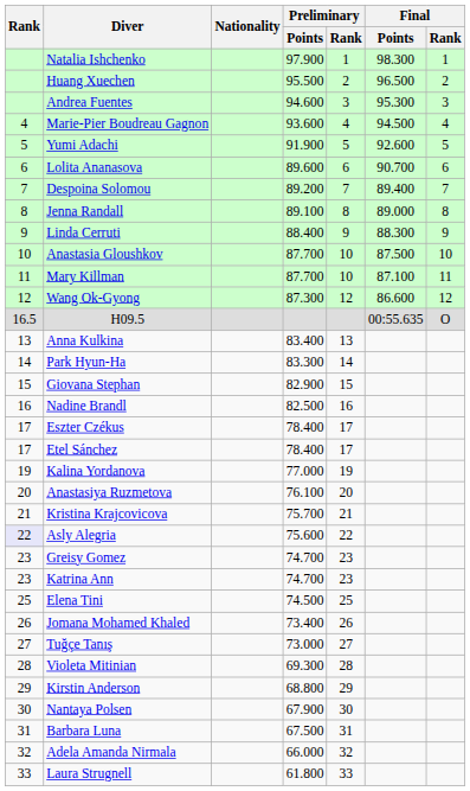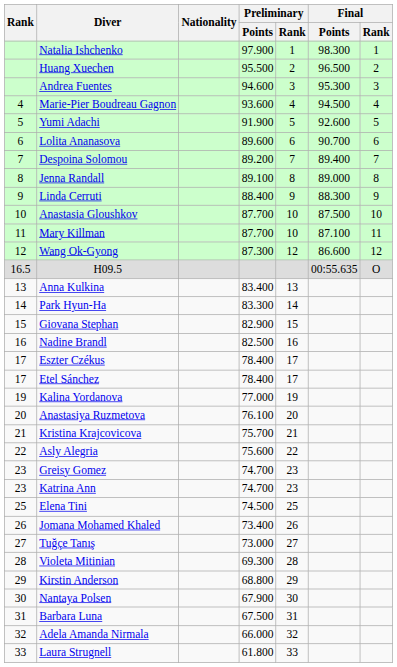 <table class="wikitable" style="text-align:center">
 <tr>
 <th rowspan="2">Rank</th>
 <th rowspan="2">Diver</th>
 <th rowspan="2">Nationality</th>
 <th colspan="2">Preliminary</th>
 <th colspan="2">Final</th>
 </tr>
 <tr>
 <th>Points</th>
 <th>Rank</th>
 <th>Points</th>
 <th>Rank</th>
 </tr>
 <tr bgcolor=ccffcc>
 <td></td>
 <td align=left><a href='#'>Natalia Ishchenko</a></td>
 <td align=left></td>
 <td>97.900</td>
 <td>1</td>
 <td>98.300</td>
 <td>1</td>
 </tr>
 <tr bgcolor=ccffcc>
 <td></td>
 <td align=left><a href='#'>Huang Xuechen</a></td>
 <td align=left></td>
 <td>95.500</td>
 <td>2</td>
 <td>96.500</td>
 <td>2</td>
 </tr>
 <tr bgcolor=ccffcc>
 <td></td>
 <td align=left><a href='#'>Andrea Fuentes</a></td>
 <td align=left></td>
 <td>94.600</td>
 <td>3</td>
 <td>95.300</td>
 <td>3</td>
 </tr>
 <tr bgcolor=ccffcc>
 <td>4</td>
 <td align=left><a href='#'>Marie-Pier Boudreau Gagnon</a></td>
 <td align=left></td>
 <td>93.600</td>
 <td>4</td>
 <td>94.500</td>
 <td>4</td>
 </tr>
 <tr bgcolor=ccffcc>
 <td>5</td>
 <td align=left><a href='#'>Yumi Adachi</a></td>
 <td align=left></td>
 <td>91.900</td>
 <td>5</td>
 <td>92.600</td>
 <td>5</td>
 </tr>
 <tr bgcolor=ccffcc>
 <td>6</td>
 <td align=left><a href='#'>Lolita Ananasova</a></td>
 <td align=left></td>
 <td>89.600</td>
 <td>6</td>
 <td>90.700</td>
 <td>6</td>
 </tr>
 <tr bgcolor=ccffcc>
 <td>7</td>
 <td align=left><a href='#'>Despoina Solomou</a></td>
 <td align=left></td>
 <td>89.200</td>
 <td>7</td>
 <td>89.400</td>
 <td>7</td>
 </tr>
 <tr bgcolor=ccffcc>
 <td>8</td>
 <td align=left><a href='#'>Jenna Randall</a></td>
 <td align=left></td>
 <td>89.100</td>
 <td>8</td>
 <td>89.000</td>
 <td>8</td>
 </tr>
 <tr bgcolor=ccffcc>
 <td>9</td>
 <td align=left><a href='#'>Linda Cerruti</a></td>
 <td align=left></td>
 <td>88.400</td>
 <td>9</td>
 <td>88.300</td>
 <td>9</td>
 </tr>
 <tr bgcolor=ccffcc>
 <td>10</td>
 <td align=left><a href='#'>Anastasia Gloushkov</a></td>
 <td align=left></td>
 <td>87.700</td>
 <td>10</td>
 <td>87.500</td>
 <td>10</td>
 </tr>
 <tr bgcolor=ccffcc>
 <td>11</td>
 <td align=left><a href='#'>Mary Killman</a></td>
 <td align=left></td>
 <td>87.700</td>
 <td>10</td>
 <td>87.100</td>
 <td>11</td>
 </tr>
 <tr bgcolor=ccffcc>
 <td>12</td>
 <td align=left><a href='#'>Wang Ok-Gyong</a></td>
 <td align=left></td>
 <td>87.300</td>
 <td>12</td>
 <td>86.600</td>
 <td>12</td>
 </tr>
 <tr bgcolor=#DDDDDD>
 <td><span>16.5</span></td>
 <td><span>H09.5</span></td>
 <td></td>
 <td></td>
 <td></td>
 <td><span>00:55.635</span></td>
 <td><span>O</span></td>
 </tr>
 <tr>
 <td>13</td>
 <td align=left><a href='#'>Anna Kulkina</a></td>
 <td align=left></td>
 <td>83.400</td>
 <td>13</td>
 <td></td>
 <td></td>
 </tr>
 <tr>
 <td>14</td>
 <td align=left><a href='#'>Park Hyun-Ha</a></td>
 <td align=left></td>
 <td>83.300</td>
 <td>14</td>
 <td></td>
 <td></td>
 </tr>
 <tr>
 <td>15</td>
 <td align=left><a href='#'>Giovana Stephan</a></td>
 <td align=left></td>
 <td>82.900</td>
 <td>15</td>
 <td></td>
 <td></td>
 </tr>
 <tr>
 <td>16</td>
 <td align=left><a href='#'>Nadine Brandl</a></td>
 <td align=left></td>
 <td>82.500</td>
 <td>16</td>
 <td></td>
 <td></td>
 </tr>
 <tr>
 <td>17</td>
 <td align=left><a href='#'>Eszter Czékus</a></td>
 <td align=left></td>
 <td>78.400</td>
 <td>17</td>
 <td></td>
 <td></td>
 </tr>
 <tr>
 <td>17</td>
 <td align=left><a href='#'>Etel Sánchez</a></td>
 <td align=left></td>
 <td>78.400</td>
 <td>17</td>
 <td></td>
 <td></td>
 </tr>
 <tr>
 <td>19</td>
 <td align=left><a href='#'>Kalina Yordanova</a></td>
 <td align=left></td>
 <td>77.000</td>
 <td>19</td>
 <td></td>
 <td></td>
 </tr>
 <tr>
 <td>20</td>
 <td align=left><a href='#'>Anastasiya Ruzmetova</a></td>
 <td align=left></td>
 <td>76.100</td>
 <td>20</td>
 <td></td>
 <td></td>
 </tr>
 <tr>
 <td>21</td>
 <td align=left><a href='#'>Kristina Krajcovicova</a></td>
 <td align=left></td>
 <td>75.700</td>
 <td>21</td>
 <td></td>
 <td></td>
 </tr>
 <tr>
-<td style="background: lavender;">22</td>
+<td>22</td>
 <td align=left><a href='#'>Asly Alegria</a></td>
 <td align=left></td>
 <td>75.600</td>
 <td>22</td>
 <td></td>
 <td></td>
 </tr>
 <tr>
 <td>23</td>
 <td align=left><a href='#'>Greisy Gomez</a></td>
 <td align=left></td>
 <td>74.700</td>
 <td>23</td>
 <td></td>
 <td></td>
 </tr>
 <tr>
 <td>23</td>
 <td align=left><a href='#'>Katrina Ann</a></td>
 <td align=left></td>
 <td>74.700</td>
 <td>23</td>
 <td></td>
 <td></td>
 </tr>
 <tr>
 <td>25</td>
 <td align=left><a href='#'>Elena Tini</a></td>
 <td align=left></td>
 <td>74.500</td>
 <td>25</td>
 <td></td>
 <td></td>
 </tr>
 <tr>
 <td>26</td>
 <td align=left><a href='#'>Jomana Mohamed Khaled</a></td>
 <td align=left></td>
 <td>73.400</td>
 <td>26</td>
 <td></td>
 <td></td>
 </tr>
 <tr>
 <td>27</td>
 <td align=left><a href='#'>Tuğçe Tanış</a></td>
 <td align=left></td>
 <td>73.000</td>
 <td>27</td>
 <td></td>
 <td></td>
 </tr>
 <tr>
 <td>28</td>
 <td align=left><a href='#'>Violeta Mitinian</a></td>
 <td align=left></td>
 <td>69.300</td>
 <td>28</td>
 <td></td>
 <td></td>
 </tr>
 <tr>
 <td>29</td>
 <td align=left><a href='#'>Kirstin Anderson</a></td>
 <td align=left></td>
 <td>68.800</td>
 <td>29</td>
 <td></td>
 <td></td>
 </tr>
 <tr>
 <td>30</td>
 <td align=left><a href='#'>Nantaya Polsen</a></td>
 <td align=left></td>
 <td>67.900</td>
 <td>30</td>
 <td></td>
 <td></td>
 </tr>
 <tr>
 <td>31</td>
 <td align=left><a href='#'>Barbara Luna</a></td>
 <td align=left></td>
 <td>67.500</td>
 <td>31</td>
 <td></td>
 <td></td>
 </tr>
 <tr>
 <td>32</td>
 <td align=left><a href='#'>Adela Amanda Nirmala</a></td>
 <td align=left></td>
 <td>66.000</td>
 <td>32</td>
 <td></td>
 <td></td>
 </tr>
 <tr>
 <td>33</td>
 <td align=left><a href='#'>Laura Strugnell</a></td>
 <td align=left></td>
 <td>61.800</td>
 <td>33</td>
 <td></td>
 <td></td>
 </tr>
 </table>
